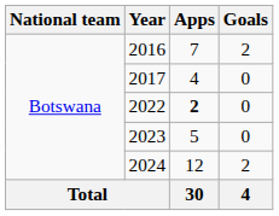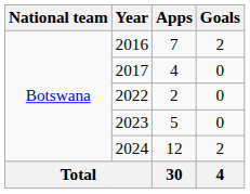 <table class="wikitable" style="text-align: center;">
 <tr>
 <th>National team</th>
 <th>Year</th>
 <th>Apps</th>
 <th>Goals</th>
 </tr>
 <tr>
 <td rowspan="5"><a href='#'>Botswana</a></td>
 <td>2016</td>
 <td>7</td>
 <td>2</td>
 </tr>
 <tr>
 <td>2017</td>
 <td>4</td>
 <td>0</td>
 </tr>
 <tr>
 <td>2022</td>
-<td><strong>2</strong></td>
+<td>2</td>
 <td>0</td>
 </tr>
 <tr>
 <td>2023</td>
 <td>5</td>
 <td>0</td>
 </tr>
 <tr>
 <td>2024</td>
 <td>12</td>
 <td>2</td>
 </tr>
 <tr>
 <th colspan="2">Total</th>
 <th>30</th>
 <th>4</th>
 </tr>
 </table>
